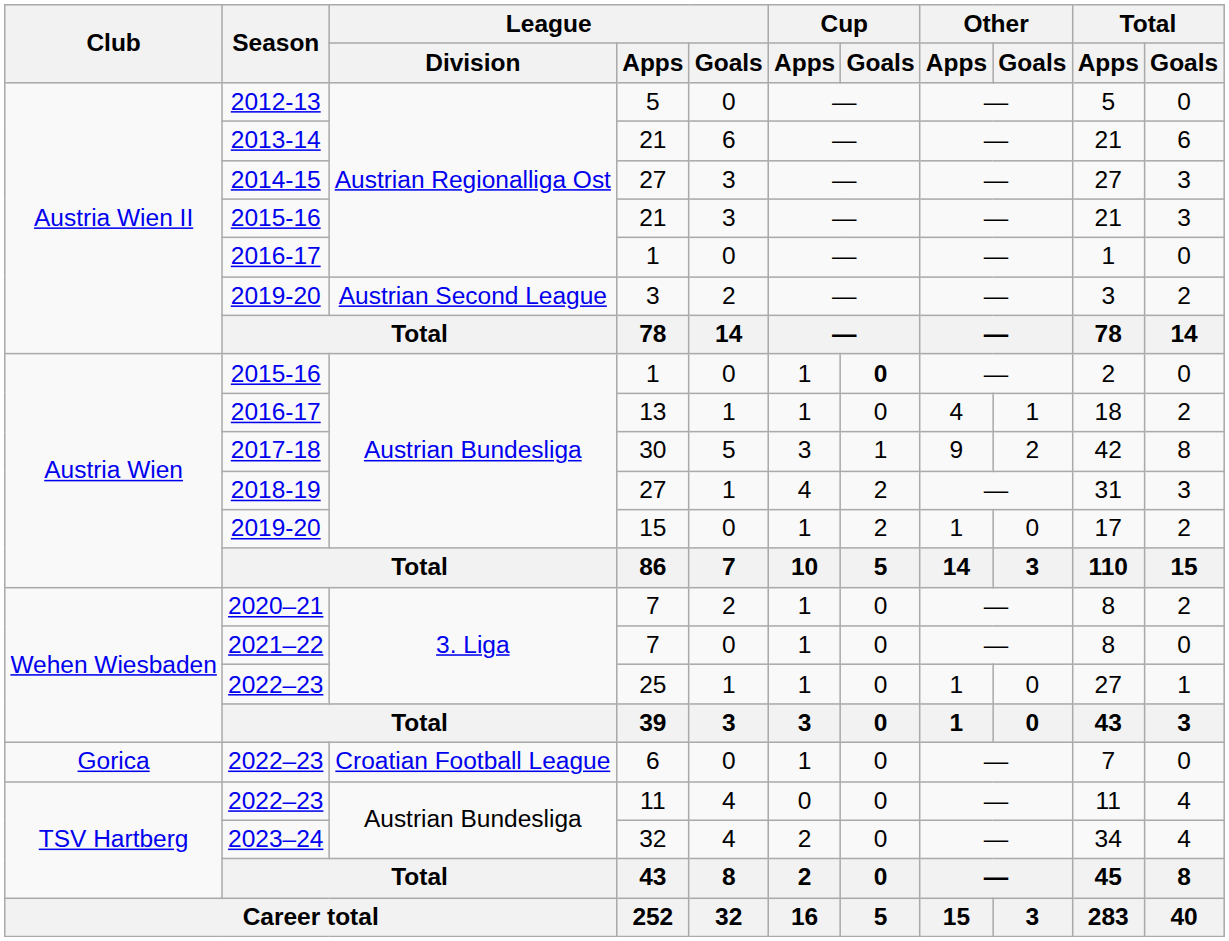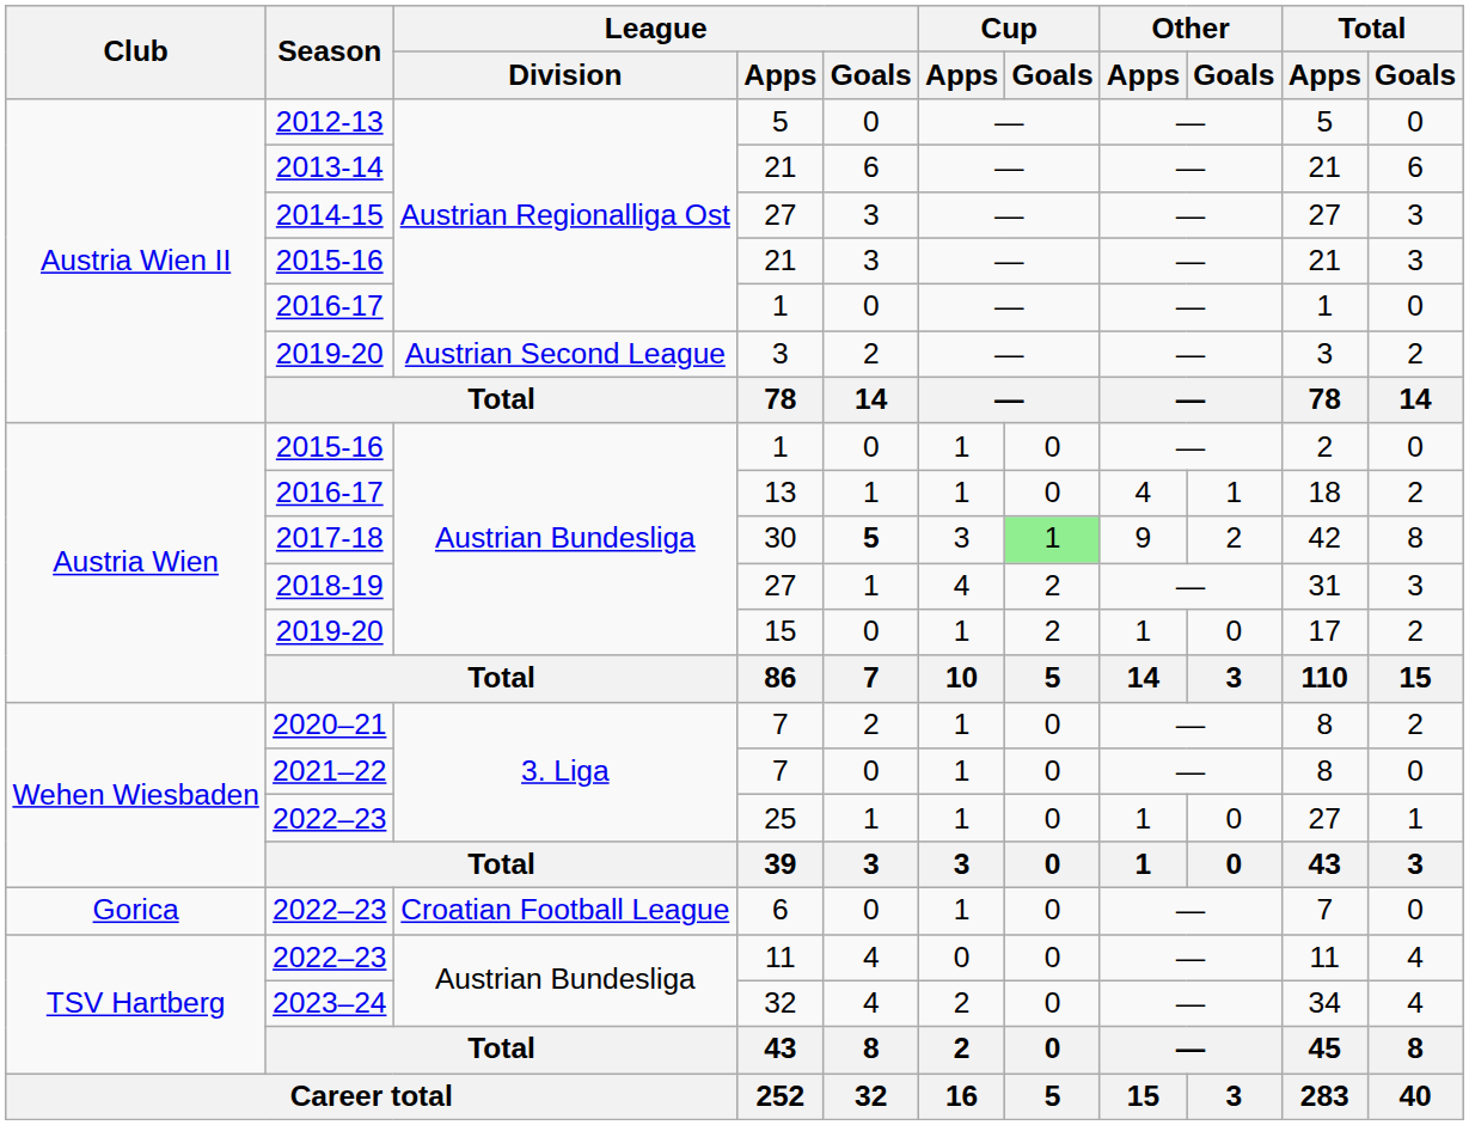 <table class="wikitable" style="text-align:center">
 <tr>
 <th rowspan="2">Club</th>
 <th rowspan="2">Season</th>
 <th colspan="3">League</th>
 <th colspan="2">Cup</th>
 <th colspan="2">Other</th>
 <th colspan="2">Total</th>
 </tr>
 <tr>
 <th>Division</th>
 <th>Apps</th>
 <th>Goals</th>
 <th>Apps</th>
 <th>Goals</th>
 <th>Apps</th>
 <th>Goals</th>
 <th>Apps</th>
 <th>Goals</th>
 </tr>
 <tr>
 <td rowspan=7><a href='#'>Austria Wien II</a></td>
 <td><a href='#'>2012-13</a></td>
 <td rowspan=5><a href='#'>Austrian Regionalliga Ost</a></td>
 <td>5</td>
 <td>0</td>
 <td colspan="2">—</td>
 <td colspan="2">—</td>
 <td>5</td>
 <td>0</td>
 </tr>
 <tr>
 <td><a href='#'>2013-14</a></td>
 <td>21</td>
 <td>6</td>
 <td colspan="2">—</td>
 <td colspan="2">—</td>
 <td>21</td>
 <td>6</td>
 </tr>
 <tr>
 <td><a href='#'>2014-15</a></td>
 <td>27</td>
 <td>3</td>
 <td colspan="2">—</td>
 <td colspan="2">—</td>
 <td>27</td>
 <td>3</td>
 </tr>
 <tr>
 <td><a href='#'>2015-16</a></td>
 <td>21</td>
 <td>3</td>
 <td colspan="2">—</td>
 <td colspan="2">—</td>
 <td>21</td>
 <td>3</td>
 </tr>
 <tr>
 <td><a href='#'>2016-17</a></td>
 <td>1</td>
 <td>0</td>
 <td colspan="2">—</td>
 <td colspan="2">—</td>
 <td>1</td>
 <td>0</td>
 </tr>
 <tr>
 <td><a href='#'>2019-20</a></td>
 <td><a href='#'>Austrian Second League</a></td>
 <td>3</td>
 <td>2</td>
 <td colspan="2">—</td>
 <td colspan="2">—</td>
 <td>3</td>
 <td>2</td>
 </tr>
 <tr>
 <th colspan=2>Total</th>
 <th>78</th>
 <th>14</th>
 <th colspan="2">—</th>
 <th colspan="2">—</th>
 <th>78</th>
 <th>14</th>
 </tr>
 <tr>
 <td rowspan=6><a href='#'>Austria Wien</a></td>
 <td><a href='#'>2015-16</a></td>
 <td rowspan=5><a href='#'>Austrian Bundesliga</a></td>
 <td>1</td>
 <td>0</td>
 <td>1</td>
-<td><strong>0</strong></td>
+<td>0</td>
 <td colspan=2>—</td>
 <td>2</td>
 <td>0</td>
 </tr>
 <tr>
 <td><a href='#'>2016-17</a></td>
 <td>13</td>
 <td>1</td>
 <td>1</td>
 <td>0</td>
 <td>4</td>
 <td>1</td>
 <td>18</td>
 <td>2</td>
 </tr>
 <tr>
 <td><a href='#'>2017-18</a></td>
 <td>30</td>
-<td>5</td>
+<td><strong>5</strong></td>
 <td>3</td>
-<td>1</td>
+<td style="background: lightgreen;">1</td>
 <td>9</td>
 <td>2</td>
 <td>42</td>
 <td>8</td>
 </tr>
 <tr>
 <td><a href='#'>2018-19</a></td>
 <td>27</td>
 <td>1</td>
 <td>4</td>
 <td>2</td>
 <td colspan="2">—</td>
 <td>31</td>
 <td>3</td>
 </tr>
 <tr>
 <td><a href='#'>2019-20</a></td>
 <td>15</td>
 <td>0</td>
 <td>1</td>
 <td>2</td>
 <td>1</td>
 <td>0</td>
 <td>17</td>
 <td>2</td>
 </tr>
 <tr>
 <th colspan=2>Total</th>
 <th>86</th>
 <th>7</th>
 <th>10</th>
 <th>5</th>
 <th>14</th>
 <th>3</th>
 <th>110</th>
 <th>15</th>
 </tr>
 <tr>
 <td rowspan=4><a href='#'>Wehen Wiesbaden</a></td>
 <td><a href='#'>2020–21</a></td>
 <td rowspan=3><a href='#'>3. Liga</a></td>
 <td>7</td>
 <td>2</td>
 <td>1</td>
 <td>0</td>
 <td colspan=2>—</td>
 <td>8</td>
 <td>2</td>
 </tr>
 <tr>
 <td><a href='#'>2021–22</a></td>
 <td>7</td>
 <td>0</td>
 <td>1</td>
 <td>0</td>
 <td colspan=2>—</td>
 <td>8</td>
 <td>0</td>
 </tr>
 <tr>
 <td><a href='#'>2022–23</a></td>
 <td>25</td>
 <td>1</td>
 <td>1</td>
 <td>0</td>
 <td>1</td>
 <td>0</td>
 <td>27</td>
 <td>1</td>
 </tr>
 <tr>
 <th colspan=2>Total</th>
 <th>39</th>
 <th>3</th>
 <th>3</th>
 <th>0</th>
 <th>1</th>
 <th>0</th>
 <th>43</th>
 <th>3</th>
 </tr>
 <tr>
 <td><a href='#'>Gorica</a></td>
 <td><a href='#'>2022–23</a></td>
 <td><a href='#'>Croatian Football League</a></td>
 <td>6</td>
 <td>0</td>
 <td>1</td>
 <td>0</td>
 <td colspan="2">—</td>
 <td>7</td>
 <td>0</td>
 </tr>
 <tr>
 <td rowspan="3"><a href='#'>TSV Hartberg</a></td>
 <td><a href='#'>2022–23</a></td>
 <td rowspan="2">Austrian Bundesliga</td>
 <td>11</td>
 <td>4</td>
 <td>0</td>
 <td>0</td>
 <td colspan="2">—</td>
 <td>11</td>
 <td>4</td>
 </tr>
 <tr>
 <td><a href='#'>2023–24</a></td>
 <td>32</td>
 <td>4</td>
 <td>2</td>
 <td>0</td>
 <td colspan="2">—</td>
 <td>34</td>
 <td>4</td>
 </tr>
 <tr>
 <th colspan=2>Total</th>
 <th>43</th>
 <th>8</th>
 <th>2</th>
 <th>0</th>
 <th colspan="2">—</th>
 <th>45</th>
 <th>8</th>
 </tr>
 <tr>
 <th colspan=3>Career total</th>
 <th>252</th>
 <th>32</th>
 <th>16</th>
 <th>5</th>
 <th>15</th>
 <th>3</th>
 <th>283</th>
 <th>40</th>
 </tr>
 </table>
